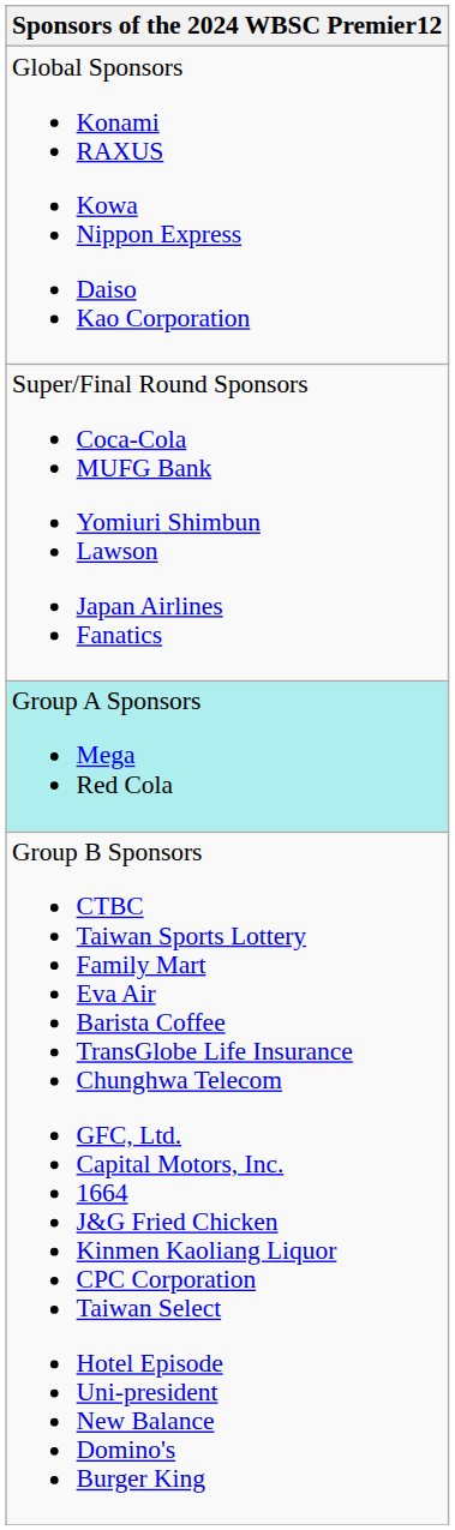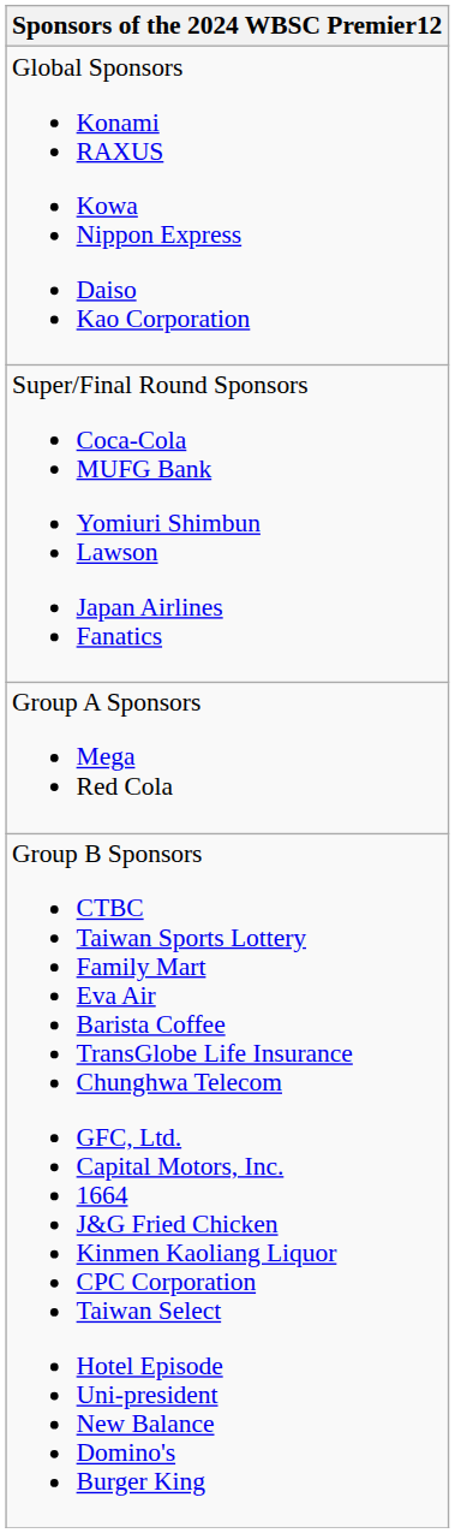 <table class="wikitable collapsible " style="float:center; margin:10px;">
 <tr>
 <th>Sponsors of the 2024 WBSC Premier12</th>
 </tr>
 <tr>
 <td>Global Sponsors<br> <ul><li><a href='#'>Konami</a></li><li><a href='#'>RAXUS</a></li></ul><ul><li><a href='#'>Kowa</a></li><li><a href='#'>Nippon Express</a></li></ul><ul><li><a href='#'>Daiso</a></li><li><a href='#'>Kao Corporation</a></li></ul></td>
 </tr>
 <tr>
 <td>Super/Final Round Sponsors<br> <ul><li><a href='#'>Coca-Cola</a></li><li><a href='#'>MUFG Bank</a></li></ul><ul><li><a href='#'>Yomiuri Shimbun</a></li><li><a href='#'>Lawson</a></li></ul><ul><li><a href='#'>Japan Airlines</a></li><li><a href='#'>Fanatics</a></li></ul></td>
 </tr>
 <tr>
-<td style="background: paleturquoise;">Group A Sponsors<br> <ul><li><a href='#'>Mega</a></li><li>Red Cola</li></ul></td>
+<td>Group A Sponsors<br> <ul><li><a href='#'>Mega</a></li><li>Red Cola</li></ul></td>
 </tr>
 <tr>
 <td>Group B Sponsors<br> <ul><li><a href='#'>CTBC</a></li><li><a href='#'>Taiwan Sports Lottery</a></li><li><a href='#'>Family Mart</a></li><li><a href='#'>Eva Air</a></li><li><a href='#'>Barista Coffee</a></li><li><a href='#'>TransGlobe Life Insurance</a></li><li><a href='#'>Chunghwa Telecom</a></li></ul><ul><li><a href='#'>GFC, Ltd.</a></li><li><a href='#'>Capital Motors, Inc.</a></li><li><a href='#'>1664</a></li><li><a href='#'>J&G Fried Chicken</a></li><li><a href='#'>Kinmen Kaoliang Liquor</a></li><li><a href='#'>CPC Corporation</a></li><li><a href='#'>Taiwan Select</a></li></ul><ul><li><a href='#'>Hotel Episode</a></li><li><a href='#'>Uni-president</a></li><li><a href='#'>New Balance</a></li><li><a href='#'>Domino's</a></li><li><a href='#'>Burger King</a></li></ul></td>
 </tr>
 </table>
